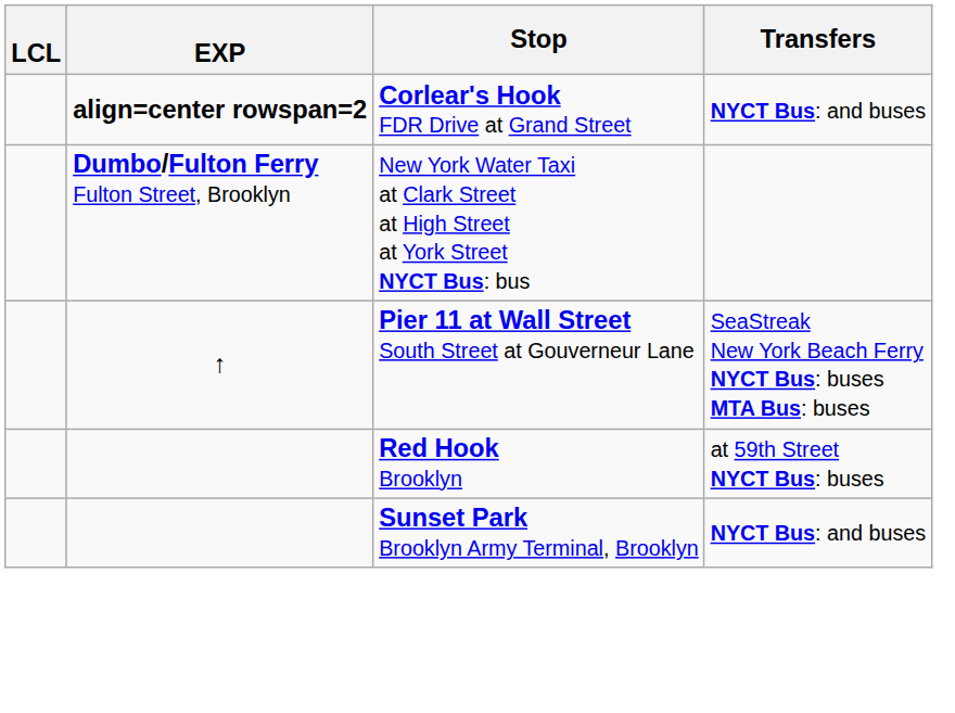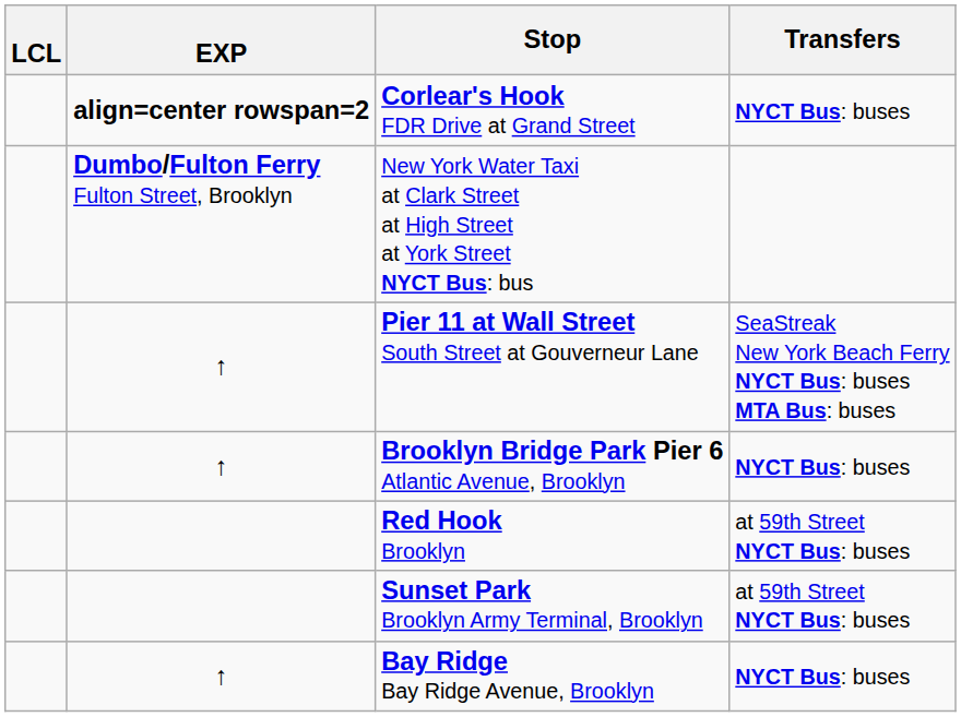 <table class="wikitable">
 <tr>
 <th><br>LCL</th>
 <th><br>EXP</th>
 <th>Stop</th>
 <th>Transfers</th>
 </tr>
 <tr>
 <td align=center></td>
 <td><strong>align=center rowspan=2 </strong></td>
 <td valign=top><strong><a href='#'>Corlear's Hook</a></strong><br><small><a href='#'>FDR Drive</a> at <a href='#'>Grand Street</a></small><br><small></small></td>
-<td><small><strong><a href='#'>NYCT Bus</a></strong>:  and  buses</small></td>
+<td><small><strong><a href='#'>NYCT Bus</a></strong>:  buses</small></td>
 </tr>
 <tr>
 <td align=center></td>
 <td valign="top"><strong><a href='#'>Dumbo</a>/<a href='#'>Fulton Ferry</a></strong><small><br><a href='#'>Fulton Street</a>, Brooklyn</small><br><small></small></td>
 <td><small><a href='#'>New York Water Taxi</a><br>  at <a href='#'>Clark Street</a><br> at <a href='#'>High Street</a><br> at <a href='#'>York Street</a><br><strong><a href='#'>NYCT Bus</a></strong>:  bus</small></td>
 </tr>
 <tr>
 <td align=center></td>
 <td align=center>↑</td>
 <td valign="top"><strong><a href='#'>Pier 11 at Wall Street</a></strong><br><small><a href='#'>South Street</a> at Gouverneur Lane</small> <br><small></small></td>
 <td><small><a href='#'>SeaStreak</a><br><a href='#'>New York Beach Ferry</a><br><strong><a href='#'>NYCT Bus</a></strong>:  buses<br><strong><a href='#'>MTA Bus</a></strong>:  buses</small></td>
 </tr>
 <tr>
 <td align=center></td>
+<td align=center>↑</td>
+<td valign="top"><strong><a href='#'>Brooklyn Bridge Park</a> Pier 6</strong><br><small><a href='#'>Atlantic Avenue</a>, <a href='#'>Brooklyn</a></small><br><small></small></td>
+<td><small><strong><a href='#'>NYCT Bus</a></strong>:  buses</small></td>
+</tr>
+<tr>
+<td align=center></td>
 <td align=center></td>
 <td valign="top"><strong><a href='#'>Red Hook</a></strong><br><small><a href='#'>Brooklyn</a></small><br><small></small></td>
 <td><small> at <a href='#'>59th Street</a><br><strong><a href='#'>NYCT Bus</a></strong>:  buses</small></td>
 </tr>
 <tr>
 <td align=center></td>
 <td align=center></td>
 <td valign="top"><strong><a href='#'>Sunset Park</a></strong><br><small><a href='#'>Brooklyn Army Terminal</a>, <a href='#'>Brooklyn</a></small><br><small></small></td>
-<td><small><strong><a href='#'>NYCT Bus</a></strong>:  and  buses</small></td>
+<td><small> at <a href='#'>59th Street</a><br><strong><a href='#'>NYCT Bus</a></strong>:  buses</small></td>
+</tr>
+<tr>
+<td align=center></td>
+<td align=center>↑</td>
+<td valign="top"><strong><a href='#'>Bay Ridge</a></strong><br><small>Bay Ridge Avenue, <a href='#'>Brooklyn</a></small><br><small></small></td>
+<td><small><strong><a href='#'>NYCT Bus</a></strong>:  buses</small></td>
 </tr>
 </table>
